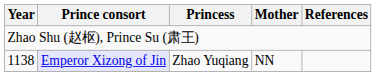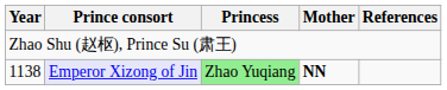 <table class="wikitable">
 <tr>
 <th>Year</th>
 <th>Prince consort</th>
 <th>Princess</th>
 <th>Mother</th>
 <th>References</th>
 </tr>
 <tr>
 <td colspan="5">Zhao Shu (赵枢), Prince Su (肃王)</td>
 </tr>
 <tr>
 <td>1138</td>
 <td style="background: lavender;"><a href='#'>Emperor Xizong of Jin</a></td>
-<td>Zhao Yuqiang</td>
-<td>NN</td>
+<td style="background: lightgreen;">Zhao Yuqiang</td>
+<td><strong>NN</strong></td>
 <td></td>
 </tr>
 </table>
